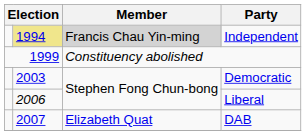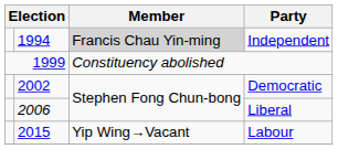 <table class="wikitable">
 <tr>
 <th colspan="2">Election</th>
 <th>Member</th>
 <th>Party</th>
 </tr>
 <tr>
 <td style="background-color: "></td>
-<td style="background: khaki;"><a href='#'>1994</a></td>
+<td><a href='#'>1994</a></td>
 <td style="background: lightgrey;">Francis Chau Yin-ming</td>
 <td><a href='#'>Independent</a></td>
 </tr>
 <tr>
 <td colspan=2 align=right><a href='#'>1999</a></td>
 <td colspan=2><em>Constituency abolished</em></td>
 </tr>
 <tr>
 <td style="background-color: "></td>
-<td><a href='#'>2003</a></td>
+<td><a href='#'>2002</a></td>
 <td rowspan=2>Stephen Fong Chun-bong</td>
 <td><a href='#'>Democratic</a></td>
 </tr>
 <tr>
 <td style="background-color: "></td>
 <td><em>2006</em></td>
 <td><a href='#'>Liberal</a></td>
 </tr>
 <tr>
 <td style="background-color: "></td>
-<td><a href='#'>2007</a></td>
-<td><a href='#'>Elizabeth Quat</a></td>
-<td><a href='#'>DAB</a></td>
+<td><a href='#'>2015</a></td>
+<td>Yip Wing→Vacant</td>
+<td><a href='#'>Labour</a></td>
 </tr>
 <tr>
 </tr>
 </table>
